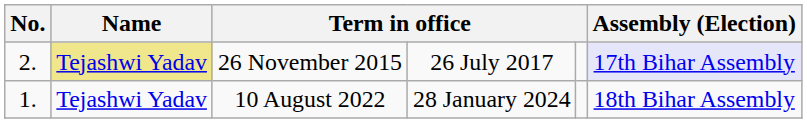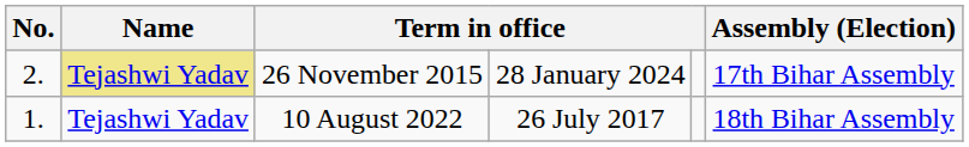 <table class="wikitable sortable" style="text-align:center;">
 <tr>
 <th Style="background-color:">No.</th>
 <th Style="background-color:">Name</th>
 <th colspan="3" Style="background-color:">Term in office</th>
 <th colspan="2" Style="background-color:">Assembly (Election)</th>
 </tr>
 <tr align=center>
 <td>2.</td>
 <td style="background: khaki;"><a href='#'>Tejashwi Yadav</a></td>
 <td>26 November 2015</td>
-<td>26 July 2017</td>
+<td>28 January 2024</td>
 <td></td>
-<td style="background: lavender;"><a href='#'>17th Bihar Assembly</a></td>
+<td><a href='#'>17th Bihar Assembly</a></td>
 </tr>
 <tr align=center>
 <td>1.</td>
 <td><a href='#'>Tejashwi Yadav</a></td>
 <td>10 August 2022</td>
-<td>28 January 2024</td>
+<td>26 July 2017</td>
 <td></td>
 <td><a href='#'>18th Bihar Assembly</a></td>
 </tr>
 </table>
